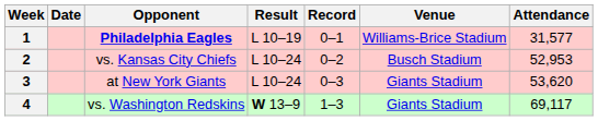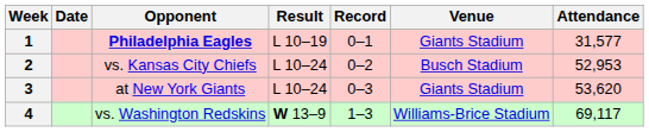 <table class="wikitable" style="text-align:center">
 <tr>
 <th>Week</th>
 <th>Date</th>
 <th>Opponent</th>
 <th>Result</th>
 <th>Record</th>
 <th>Venue</th>
 <th>Attendance</th>
 </tr>
 <tr style="background:#fcc">
 <th>1</th>
 <td></td>
 <td><strong><a href='#'>Philadelphia Eagles</a></strong></td>
 <td>L 10–19</td>
 <td>0–1</td>
-<td><a href='#'>Williams-Brice Stadium</a></td>
+<td><a href='#'>Giants Stadium</a></td>
 <td>31,577</td>
 </tr>
 <tr style="background:#fcc">
 <th>2</th>
 <td></td>
 <td>vs. <a href='#'>Kansas City Chiefs</a></td>
 <td>L 10–24</td>
 <td>0–2</td>
 <td><a href='#'>Busch Stadium</a></td>
 <td>52,953</td>
 </tr>
 <tr style="background:#fcc">
 <th>3</th>
 <td></td>
 <td>at <a href='#'>New York Giants</a></td>
 <td>L 10–24</td>
 <td>0–3</td>
 <td><a href='#'>Giants Stadium</a></td>
 <td>53,620</td>
 </tr>
 <tr style="background:#cfc">
 <th>4</th>
 <td></td>
 <td>vs. <a href='#'>Washington Redskins</a></td>
 <td><strong>W</strong> 13–9</td>
 <td>1–3</td>
-<td><a href='#'>Giants Stadium</a></td>
+<td><a href='#'>Williams-Brice Stadium</a></td>
 <td>69,117</td>
 </tr>
 </table>
